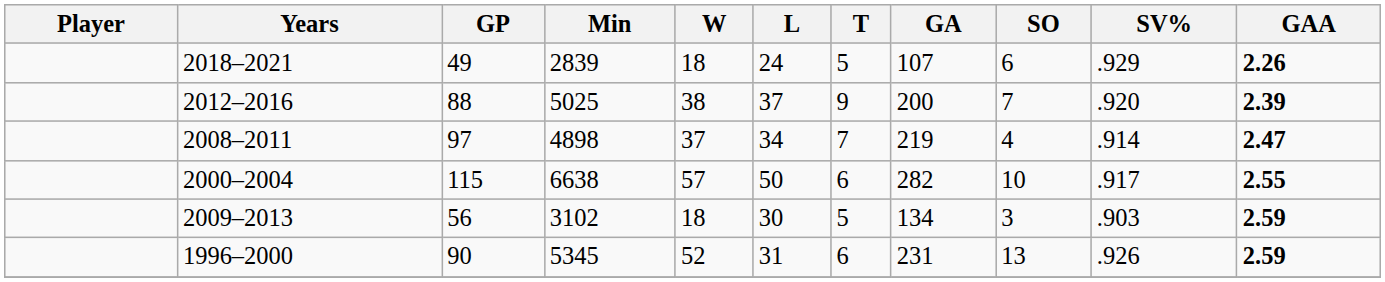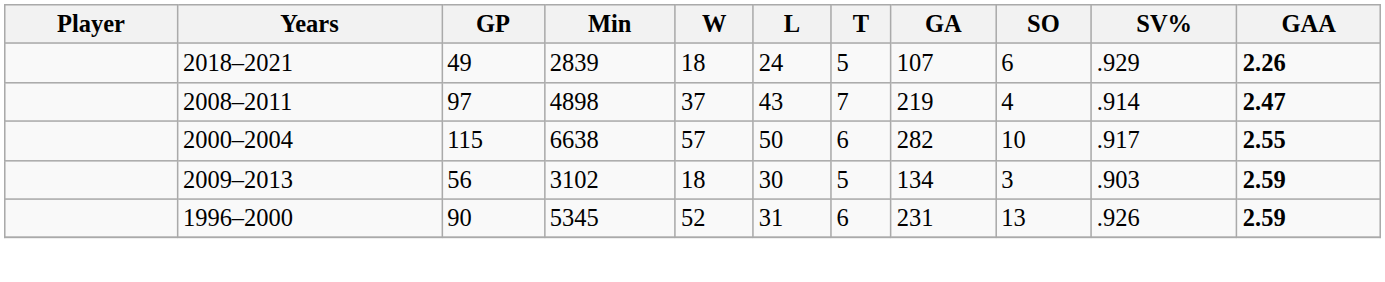 <table class="wikitable sortable" width = 900>
 <tr>
 <th>Player</th>
 <th>Years</th>
 <th>GP</th>
 <th>Min</th>
 <th>W</th>
 <th>L</th>
 <th>T</th>
 <th>GA</th>
 <th>SO</th>
 <th>SV%</th>
 <th>GAA</th>
 </tr>
 <tr>
 <td></td>
 <td>2018–2021</td>
 <td>49</td>
 <td>2839</td>
 <td>18</td>
 <td>24</td>
 <td>5</td>
 <td>107</td>
 <td>6</td>
 <td>.929</td>
 <td><strong>2.26</strong></td>
 </tr>
 <tr>
 <td></td>
-<td>2012–2016</td>
-<td>88</td>
-<td>5025</td>
-<td>38</td>
-<td>37</td>
-<td>9</td>
-<td>200</td>
-<td>7</td>
-<td>.920</td>
-<td><strong>2.39</strong></td>
-</tr>
-<tr>
-<td></td>
 <td>2008–2011</td>
 <td>97</td>
 <td>4898</td>
 <td>37</td>
-<td>34</td>
+<td>43</td>
 <td>7</td>
 <td>219</td>
 <td>4</td>
 <td>.914</td>
 <td><strong>2.47</strong></td>
 </tr>
 <tr>
 <td></td>
 <td>2000–2004</td>
 <td>115</td>
 <td>6638</td>
 <td>57</td>
 <td>50</td>
 <td>6</td>
 <td>282</td>
 <td>10</td>
 <td>.917</td>
 <td><strong>2.55</strong></td>
 </tr>
 <tr>
 <td></td>
 <td>2009–2013</td>
 <td>56</td>
 <td>3102</td>
 <td>18</td>
 <td>30</td>
 <td>5</td>
 <td>134</td>
 <td>3</td>
 <td>.903</td>
 <td><strong>2.59</strong></td>
 </tr>
 <tr>
 <td></td>
 <td>1996–2000</td>
 <td>90</td>
 <td>5345</td>
 <td>52</td>
 <td>31</td>
 <td>6</td>
 <td>231</td>
 <td>13</td>
 <td>.926</td>
 <td><strong>2.59</strong></td>
 </tr>
 <tr>
 </tr>
 </table>
